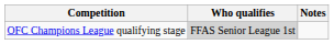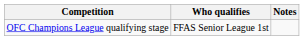 <table class="wikitable">
 <tr>
 <th>Competition</th>
 <th>Who qualifies</th>
 <th>Notes</th>
 </tr>
 <tr>
 <td rowspan="6"><a href='#'>OFC Champions League</a> qualifying stage</td>
-<td style="background: lightgrey;">FFAS Senior League 1st</td>
+<td>FFAS Senior League 1st</td>
 <td></td>
 </tr>
 </table>
